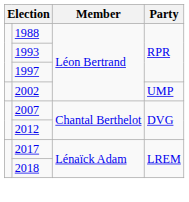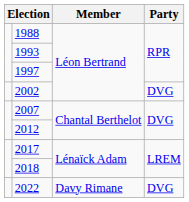 <table class="wikitable">
 <tr>
 <th colspan="2">Election</th>
 <th>Member</th>
 <th>Party</th>
 </tr>
 <tr>
 <td rowspan=3 style="background-color: "></td>
 <td><a href='#'>1988</a></td>
 <td rowspan=4><a href='#'>Léon Bertrand</a></td>
 <td rowspan=3><a href='#'>RPR</a></td>
 </tr>
 <tr>
 <td><a href='#'>1993</a></td>
 </tr>
 <tr>
 <td><a href='#'>1997</a></td>
 </tr>
 <tr>
 <td style="color:inherit;background-color: "></td>
 <td><a href='#'>2002</a></td>
-<td><a href='#'>UMP</a></td>
+<td><a href='#'>DVG</a></td>
 </tr>
 <tr>
 <td rowspan=2 style="background-color: "></td>
 <td><a href='#'>2007</a></td>
 <td rowspan=2><a href='#'>Chantal Berthelot</a></td>
 <td rowspan=2><a href='#'>DVG</a></td>
 </tr>
 <tr>
 <td><a href='#'>2012</a></td>
 </tr>
 <tr>
 <td rowspan="2" style="background-color: "></td>
 <td><a href='#'>2017</a></td>
 <td rowspan="2"><a href='#'>Lénaïck Adam</a></td>
 <td rowspan="2"><a href='#'>LREM</a></td>
 </tr>
 <tr>
 <td><a href='#'>2018</a></td>
 </tr>
+<tr>
+<td style="color:inherit;background-color: "></td>
+<td><a href='#'>2022</a></td>
+<td><a href='#'>Davy Rimane</a></td>
+<td><a href='#'>DVG</a></td>
+</tr>
 </table>
